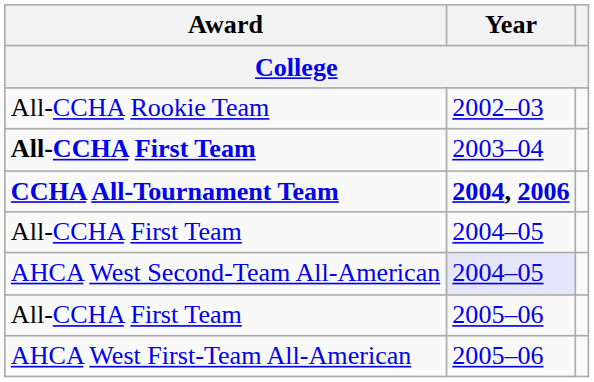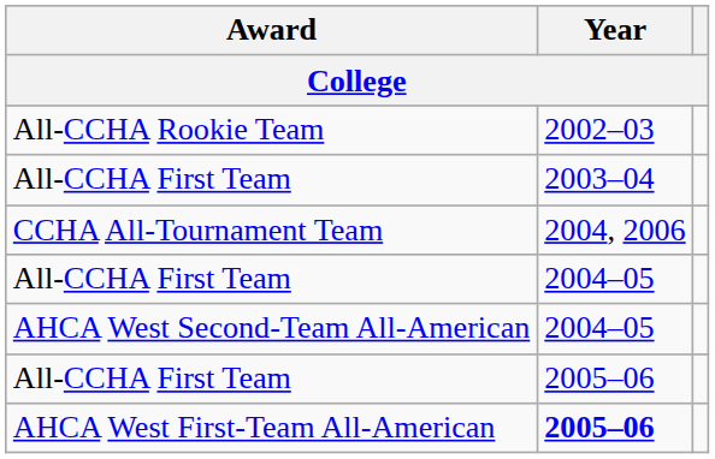 <table class="wikitable">
 <tr>
 <th>Award</th>
 <th>Year</th>
 <th></th>
 </tr>
 <tr>
 <th colspan="3"><a href='#'>College</a></th>
 </tr>
 <tr>
 <td>All-<a href='#'>CCHA</a> <a href='#'>Rookie Team</a></td>
 <td><a href='#'>2002–03</a></td>
 <td></td>
 </tr>
 <tr>
-<td><strong>All-<a href='#'>CCHA</a> <a href='#'>First Team</a></strong></td>
+<td>All-<a href='#'>CCHA</a> <a href='#'>First Team</a></td>
 <td><a href='#'>2003–04</a></td>
 <td></td>
 </tr>
 <tr>
-<td><strong><a href='#'>CCHA</a> <a href='#'>All-Tournament Team</a></strong></td>
-<td><strong><a href='#'>2004</a>, <a href='#'>2006</a></strong></td>
+<td><a href='#'>CCHA</a> <a href='#'>All-Tournament Team</a></td>
+<td><a href='#'>2004</a>, <a href='#'>2006</a></td>
 <td></td>
 </tr>
 <tr>
 <td>All-<a href='#'>CCHA</a> <a href='#'>First Team</a></td>
 <td><a href='#'>2004–05</a></td>
 <td></td>
 </tr>
 <tr>
 <td><a href='#'>AHCA</a> <a href='#'>West Second-Team All-American</a></td>
-<td style="background: lavender;"><a href='#'>2004–05</a></td>
+<td><a href='#'>2004–05</a></td>
 <td></td>
 </tr>
 <tr>
 <td>All-<a href='#'>CCHA</a> <a href='#'>First Team</a></td>
 <td><a href='#'>2005–06</a></td>
 <td></td>
 </tr>
 <tr>
 <td><a href='#'>AHCA</a> <a href='#'>West First-Team All-American</a></td>
-<td><a href='#'>2005–06</a></td>
+<td><strong><a href='#'>2005–06</a></strong></td>
 <td></td>
 </tr>
 </table>
